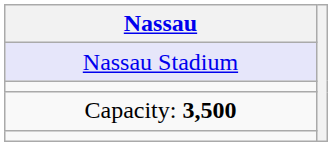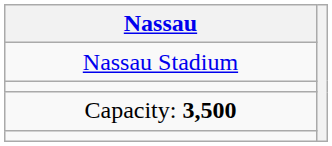 <table class="wikitable" style="text-align:center;margin:1em auto;">
 <tr>
 <th width=200><a href='#'>Nassau</a></th>
 <th colspan="2" rowspan="6"></th>
 </tr>
 <tr>
-<td style="background: lavender;"><a href='#'>Nassau Stadium</a></td>
+<td><a href='#'>Nassau Stadium</a></td>
 </tr>
 <tr>
 <td><small></small></td>
 </tr>
 <tr>
 <td>Capacity: <strong>3,500</strong></td>
 </tr>
 <tr>
 <td></td>
 </tr>
 </table>
